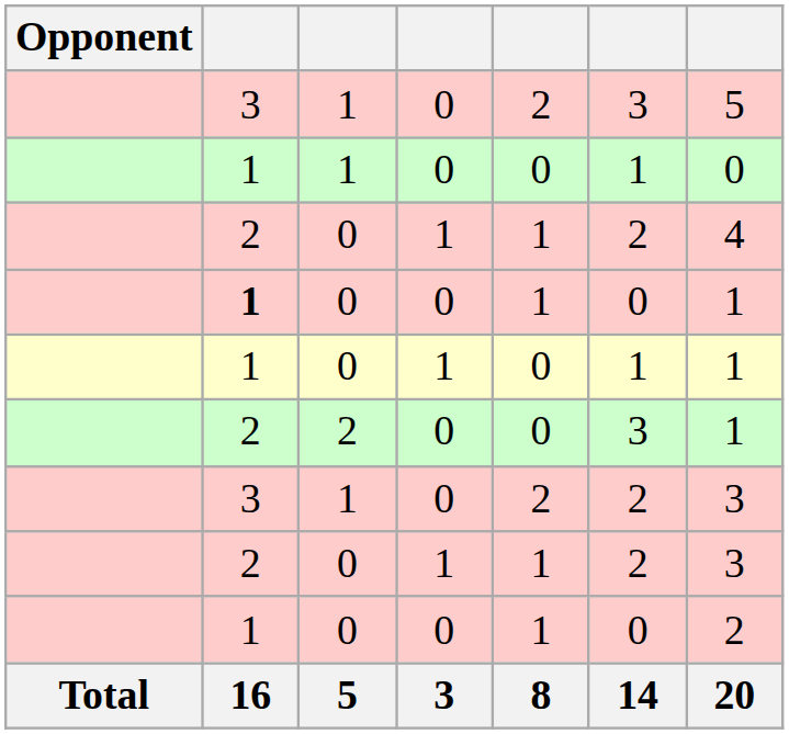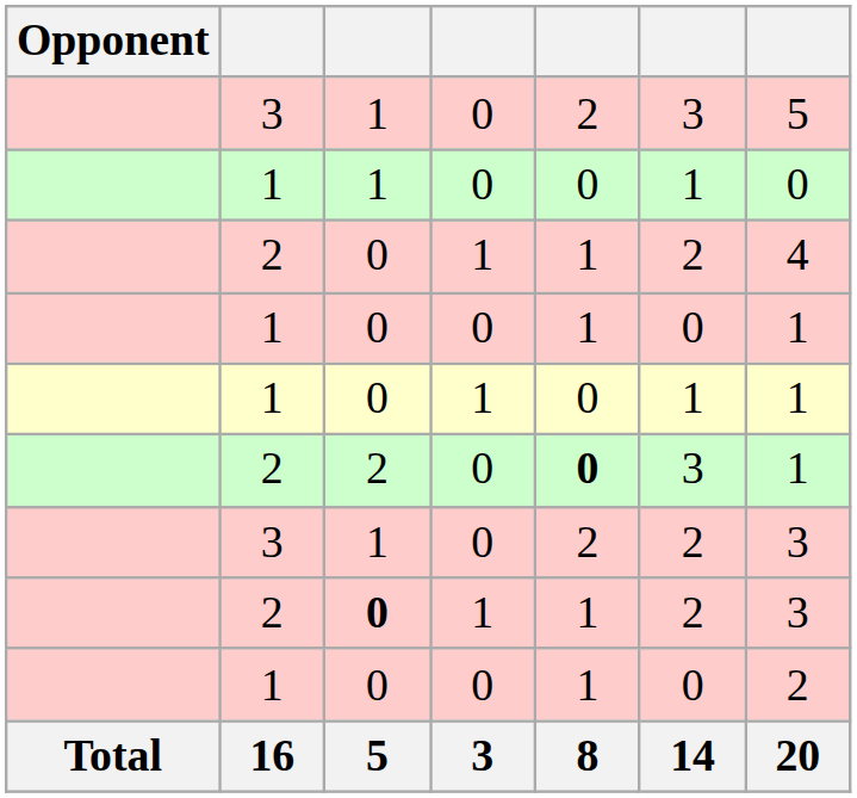 <table class="wikitable sortable" style="text-align: center;">
 <tr>
 <th width="30">Opponent</th>
 <th width="30"></th>
 <th width="30"></th>
 <th width="30"></th>
 <th width="30"></th>
 <th width="30"></th>
 <th width="30"></th>
 </tr>
 <tr bgcolor=#FFCCCC>
 <td align="left"></td>
 <td>3</td>
 <td>1</td>
 <td>0</td>
 <td>2</td>
 <td>3</td>
 <td>5</td>
 </tr>
 <tr bgcolor=#CCFFCC>
 <td align="left"></td>
 <td>1</td>
 <td>1</td>
 <td>0</td>
 <td>0</td>
 <td>1</td>
 <td>0</td>
 </tr>
 <tr bgcolor=#FFCCCC>
 <td align="left"></td>
 <td>2</td>
 <td>0</td>
 <td>1</td>
 <td>1</td>
 <td>2</td>
 <td>4</td>
 </tr>
 <tr bgcolor=#FFCCCC>
 <td align="left"></td>
-<td><strong>1</strong></td>
+<td>1</td>
 <td>0</td>
 <td>0</td>
 <td>1</td>
 <td>0</td>
 <td>1</td>
 </tr>
 <tr bgcolor=#FFFFCC>
 <td align="left"></td>
 <td>1</td>
 <td>0</td>
 <td>1</td>
 <td>0</td>
 <td>1</td>
 <td>1</td>
 </tr>
 <tr bgcolor=#CCFFCC>
 <td align="left"></td>
 <td>2</td>
 <td>2</td>
 <td>0</td>
-<td>0</td>
+<td><strong>0</strong></td>
 <td>3</td>
 <td>1</td>
 </tr>
 <tr bgcolor=#FFCCCC>
 <td align="left"></td>
 <td>3</td>
 <td>1</td>
 <td>0</td>
 <td>2</td>
 <td>2</td>
 <td>3</td>
 </tr>
 <tr bgcolor=#FFCCCC>
 <td align="left"></td>
 <td>2</td>
-<td>0</td>
+<td><strong>0</strong></td>
 <td>1</td>
 <td>1</td>
 <td>2</td>
 <td>3</td>
 </tr>
 <tr bgcolor=#FFCCCC>
 <td align="left"></td>
 <td>1</td>
 <td>0</td>
 <td>0</td>
 <td>1</td>
 <td>0</td>
 <td>2</td>
 </tr>
 <tr>
 <th>Total</th>
 <th>16</th>
 <th>5</th>
 <th>3</th>
 <th>8</th>
 <th>14</th>
 <th>20</th>
 </tr>
 </table>
